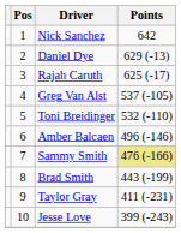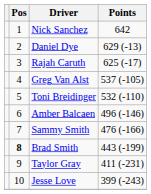 <table class="wikitable" style="font-size: 95%;">
 <tr>
 <th></th>
 <th>Pos</th>
 <th>Driver</th>
 <th>Points</th>
 </tr>
 <tr>
 <td align="left"></td>
 <td style="text-align:center;">1</td>
 <td><a href='#'>Nick Sanchez</a></td>
 <td style="text-align:center;">642</td>
 </tr>
 <tr>
 <td align="left"></td>
 <td style="text-align:center;">2</td>
 <td><a href='#'>Daniel Dye</a></td>
 <td style="text-align:center;">629 (-13)</td>
 </tr>
 <tr>
 <td align="left"></td>
 <td style="text-align:center;">3</td>
 <td><a href='#'>Rajah Caruth</a></td>
 <td style="text-align:center;">625 (-17)</td>
 </tr>
 <tr>
 <td align="left"></td>
 <td style="text-align:center;">4</td>
 <td><a href='#'>Greg Van Alst</a></td>
 <td style="text-align:center;">537 (-105)</td>
 </tr>
 <tr>
 <td align="left"></td>
 <td style="text-align:center;">5</td>
 <td><a href='#'>Toni Breidinger</a></td>
 <td style="text-align:center;">532 (-110)</td>
 </tr>
 <tr>
 <td align="left"></td>
 <td style="text-align:center;">6</td>
 <td><a href='#'>Amber Balcaen</a></td>
 <td style="text-align:center;">496 (-146)</td>
 </tr>
 <tr>
 <td align="left"></td>
 <td style="text-align:center;">7</td>
 <td><a href='#'>Sammy Smith</a></td>
-<td style="background: khaki; text-align:center;">476 (-166)</td>
+<td style="text-align:center;">476 (-166)</td>
 </tr>
 <tr>
 <td align="left"></td>
-<td style="text-align:center;">8</td>
+<td style="text-align:center;"><strong>8</strong></td>
 <td><a href='#'>Brad Smith</a></td>
 <td style="text-align:center;">443 (-199)</td>
 </tr>
 <tr>
 <td align="left"></td>
 <td style="text-align:center;">9</td>
 <td><a href='#'>Taylor Gray</a></td>
 <td style="text-align:center;">411 (-231)</td>
 </tr>
 <tr>
 <td align="left"></td>
 <td style="text-align:center;">10</td>
 <td><a href='#'>Jesse Love</a></td>
 <td style="text-align:center;">399 (-243)</td>
 </tr>
 <tr class="sortbottom">
 </tr>
 </table>
